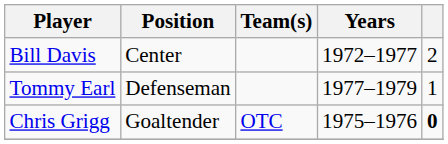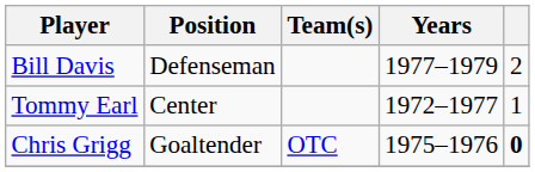 <table class="wikitable">
 <tr>
 <th>Player</th>
 <th>Position</th>
 <th>Team(s)</th>
 <th>Years</th>
 <th><a href='#'></a></th>
 </tr>
 <tr>
 <td><a href='#'>Bill Davis</a></td>
-<td>Center</td>
+<td>Defenseman</td>
 <td><span><strong></strong></span></td>
-<td>1972–1977</td>
+<td>1977–1979</td>
 <td>2</td>
 </tr>
 <tr>
 <td><a href='#'>Tommy Earl</a></td>
-<td>Defenseman</td>
+<td>Center</td>
 <td><span><strong></strong></span></td>
-<td>1977–1979</td>
+<td>1972–1977</td>
 <td>1</td>
 </tr>
 <tr>
 <td><a href='#'>Chris Grigg</a></td>
 <td>Goaltender</td>
 <td><a href='#'>OTC</a></td>
 <td>1975–1976</td>
 <td><strong>0</strong></td>
 </tr>
 <tr>
 </tr>
 </table>
